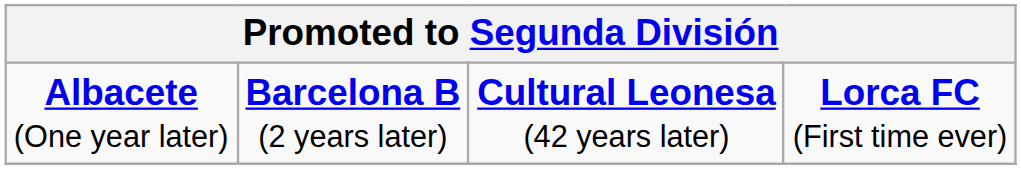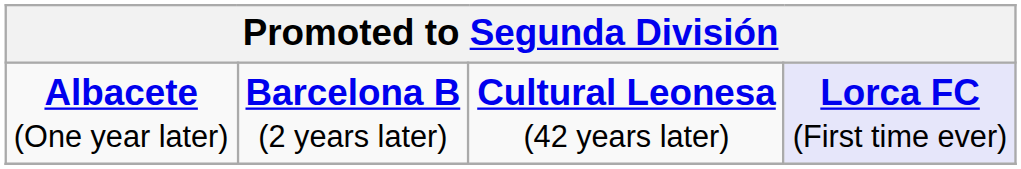 <table class="wikitable" style="text-align: center; margin: 0.5em auto;">
 <tr>
 <th colspan="4">Promoted to <a href='#'>Segunda División</a></th>
 </tr>
 <tr>
 <td><strong><a href='#'>Albacete</a></strong><br><small>(One year later)</small></td>
 <td><strong><a href='#'>Barcelona B</a></strong><br><small>(2 years later)</small></td>
 <td><strong><a href='#'>Cultural Leonesa</a></strong><br><small>(42 years later)</small></td>
-<td><strong><a href='#'>Lorca FC</a></strong><br><small>(First time ever)</small></td>
+<td style="background: lavender;"><strong><a href='#'>Lorca FC</a></strong><br><small>(First time ever)</small></td>
 </tr>
 <tr>
 </tr>
 </table>
